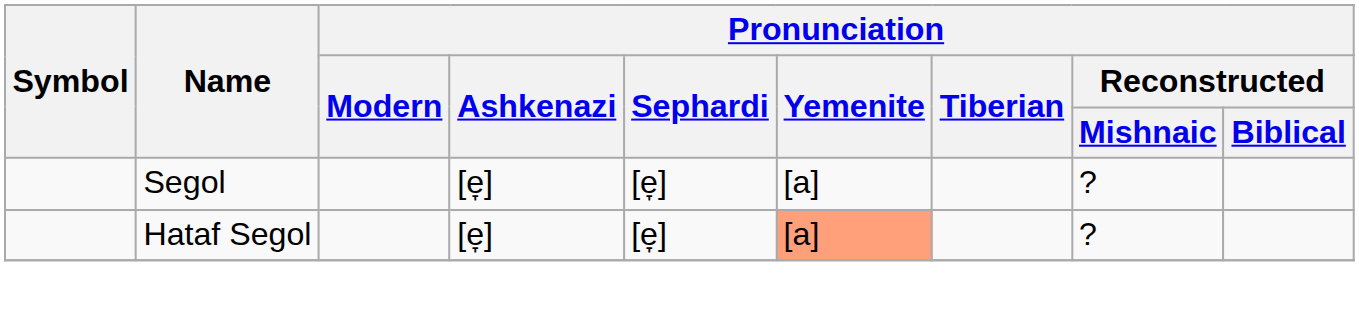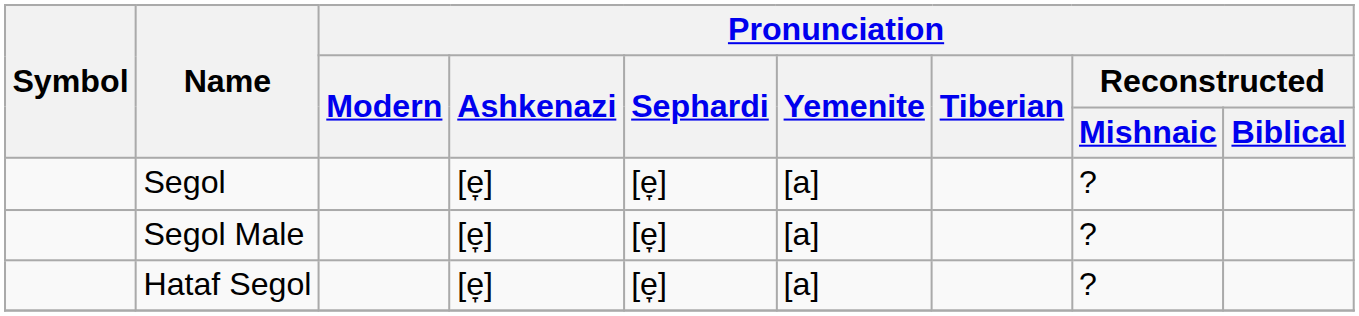 <table class="wikitable">
 <tr>
 <th rowspan=3>Symbol</th>
 <th rowspan=3>Name</th>
 <th ! colspan=7><a href='#'>Pronunciation</a></th>
 </tr>
 <tr>
 <th ! rowspan=2><a href='#'>Modern</a></th>
 <th ! rowspan=2><a href='#'>Ashkenazi</a></th>
 <th ! rowspan=2><a href='#'>Sephardi</a></th>
 <th ! rowspan=2><a href='#'>Yemenite</a></th>
 <th ! rowspan=2><a href='#'>Tiberian</a></th>
 <th ! colspan=2>Reconstructed</th>
 </tr>
 <tr>
 <th><a href='#'>Mishnaic</a></th>
 <th><a href='#'>Biblical</a></th>
 </tr>
 <tr>
 <td align="center" style="font-family:David, Arial Unicode, SBL Hebrew;font-size:200%"></td>
 <td>Segol</td>
 <td></td>
 <td>[e̞]</td>
 <td>[e̞]</td>
 <td>[a]</td>
 <td></td>
 <td>?</td>
 <td></td>
 </tr>
 <tr>
+<td align="center" style="font-family:David, Arial Unicode, SBL Hebrew;font-size:200%">  </td>
+<td>Segol Male</td>
+<td></td>
+<td>[e̞]</td>
+<td>[e̞]</td>
+<td>[a]</td>
+<td></td>
+<td>?</td>
+<td></td>
+</tr>
+<tr>
 <td align="center" style="font-family:David, Arial Unicode, SBL Hebrew;font-size:200%"></td>
 <td>Hataf Segol</td>
 <td></td>
 <td>[e̞]</td>
 <td>[e̞]</td>
-<td style="background: lightsalmon;">[a]</td>
+<td>[a]</td>
 <td></td>
 <td>?</td>
 <td></td>
 </tr>
 <tr>
 </tr>
 </table>
